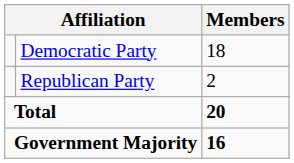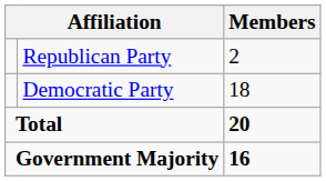 <table class="wikitable">
 <tr>
 <th colspan="2">Affiliation</th>
 <th>Members</th>
 </tr>
 <tr>
 <td style="background-color:"></td>
-<td><a href='#'>Democratic Party</a></td>
-<td>18</td>
+<td><a href='#'>Republican Party</a></td>
+<td>2</td>
 </tr>
 <tr>
 <td style="background-color:"></td>
-<td><a href='#'>Republican Party</a></td>
-<td>2</td>
+<td><a href='#'>Democratic Party</a></td>
+<td>18</td>
 </tr>
 <tr>
 <td colspan=2> <strong>Total</strong></td>
 <td><strong>20</strong></td>
 </tr>
 <tr>
 <td colspan=2> <strong>Government Majority</strong></td>
 <td><strong>16</strong></td>
 </tr>
 </table>
